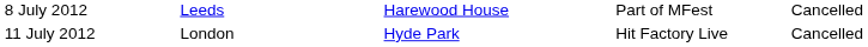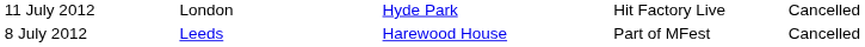 <table cellpadding="2" style="border: 0px solid darkgray; font-size:90%">
 <tr>
 <th width="150"></th>
 <th width="175"></th>
 <th width="200"></th>
 <th width="150"></th>
 <th width="250"></th>
 </tr>
 <tr border="0">
+<td>11 July 2012</td>
+<td>London</td>
+<td><a href='#'>Hyde Park</a></td>
+<td>Hit Factory Live</td>
+<td>Cancelled </td>
+</tr>
+<tr border="0">
 <td>8 July 2012</td>
 <td><a href='#'>Leeds</a></td>
 <td><a href='#'>Harewood House</a></td>
 <td>Part of MFest</td>
 <td>Cancelled</td>
 </tr>
-<tr border="0">
-<td>11 July 2012</td>
-<td>London</td>
-<td><a href='#'>Hyde Park</a></td>
-<td>Hit Factory Live</td>
-<td>Cancelled </td>
-</tr>
 </table>
